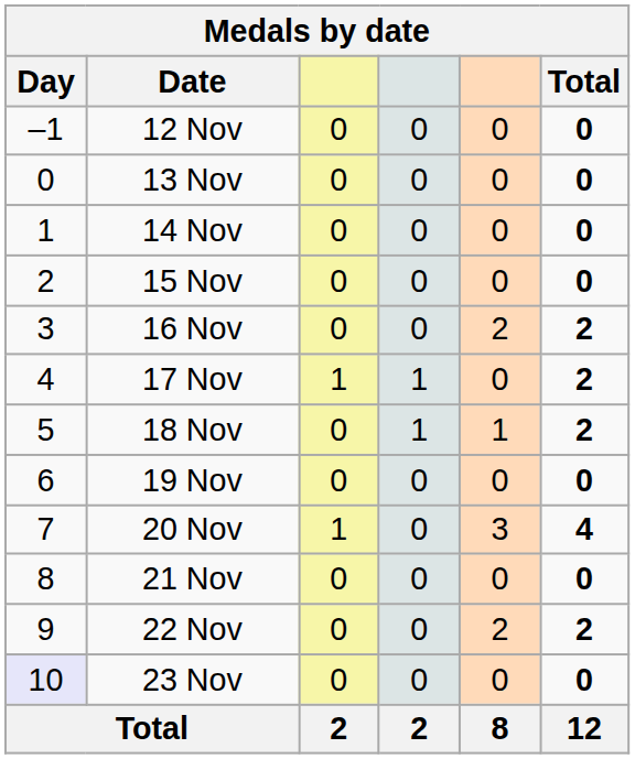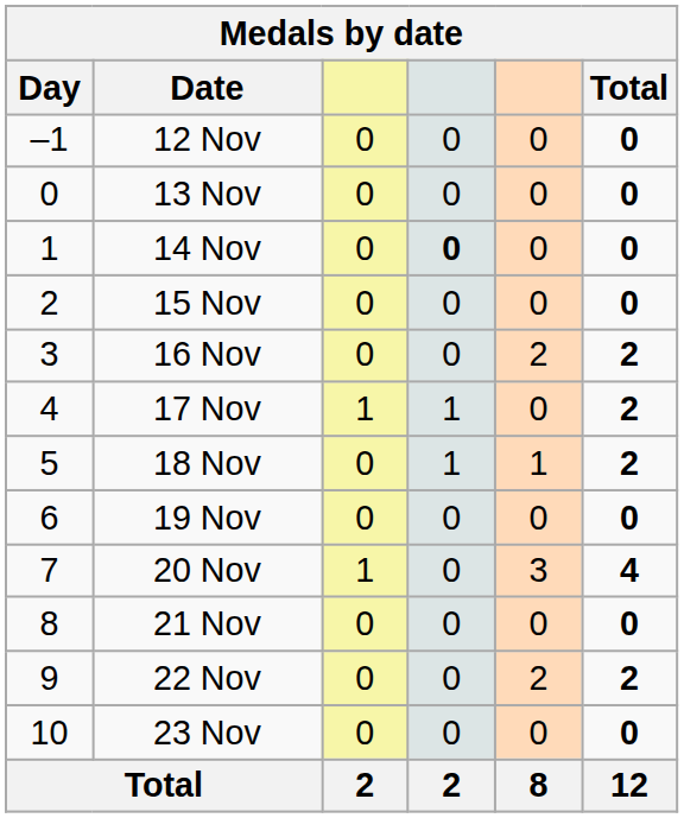 <table class="wikitable" style="font-size:90%; text-align:center;">
 <tr style="background:#efefef;">
 <th colspan=6><strong>Medals by date</strong></th>
 </tr>
 <tr>
 <th width=30><strong>Day</strong></th>
 <th width=90><strong>Date</strong></th>
 <th width=30 style="background:#F7F6A8;"></th>
 <th width=30 style="background:#DCE5E5;"></th>
 <th width=30 style="background:#FFDAB9;"></th>
 <th width=30><strong>Total</strong></th>
 </tr>
 <tr>
 <td>–1</td>
 <td>12 Nov</td>
 <td style="background:#F7F6A8;">0</td>
 <td style="background:#DCE5E5;">0</td>
 <td style="background:#FFDAB9;">0</td>
 <td><strong>0</strong></td>
 </tr>
 <tr>
 <td>0</td>
 <td>13 Nov</td>
 <td style="background:#F7F6A8;">0</td>
 <td style="background:#DCE5E5;">0</td>
 <td style="background:#FFDAB9;">0</td>
 <td><strong>0</strong></td>
 </tr>
 <tr>
 <td>1</td>
 <td>14 Nov</td>
 <td style="background:#F7F6A8;">0</td>
-<td style="background:#DCE5E5;">0</td>
+<td style="background:#DCE5E5;"><strong>0</strong></td>
 <td style="background:#FFDAB9;">0</td>
 <td><strong>0</strong></td>
 </tr>
 <tr>
 <td>2</td>
 <td>15 Nov</td>
 <td style="background:#F7F6A8;">0</td>
 <td style="background:#DCE5E5;">0</td>
 <td style="background:#FFDAB9;">0</td>
 <td><strong>0</strong></td>
 </tr>
 <tr>
 <td>3</td>
 <td>16 Nov</td>
 <td style="background:#F7F6A8;">0</td>
 <td style="background:#DCE5E5;">0</td>
 <td style="background:#FFDAB9;">2</td>
 <td><strong>2</strong></td>
 </tr>
 <tr>
 <td>4</td>
 <td>17 Nov</td>
 <td style="background:#F7F6A8;">1</td>
 <td style="background:#DCE5E5;">1</td>
 <td style="background:#FFDAB9;">0</td>
 <td><strong>2</strong></td>
 </tr>
 <tr>
 <td>5</td>
 <td>18 Nov</td>
 <td style="background:#F7F6A8;">0</td>
 <td style="background:#DCE5E5;">1</td>
 <td style="background:#FFDAB9;">1</td>
 <td><strong>2</strong></td>
 </tr>
 <tr>
 <td>6</td>
 <td>19 Nov</td>
 <td style="background:#F7F6A8;">0</td>
 <td style="background:#DCE5E5;">0</td>
 <td style="background:#FFDAB9;">0</td>
 <td><strong>0</strong></td>
 </tr>
 <tr>
 <td>7</td>
 <td>20 Nov</td>
 <td style="background:#F7F6A8;">1</td>
 <td style="background:#DCE5E5;">0</td>
 <td style="background:#FFDAB9;">3</td>
 <td><strong>4</strong></td>
 </tr>
 <tr>
 <td>8</td>
 <td>21 Nov</td>
 <td style="background:#F7F6A8;">0</td>
 <td style="background:#DCE5E5;">0</td>
 <td style="background:#FFDAB9;">0</td>
 <td><strong>0</strong></td>
 </tr>
 <tr>
 <td>9</td>
 <td>22 Nov</td>
 <td style="background:#F7F6A8;">0</td>
 <td style="background:#DCE5E5;">0</td>
 <td style="background:#FFDAB9;">2</td>
 <td><strong>2</strong></td>
 </tr>
 <tr>
-<td style="background: lavender;">10</td>
+<td>10</td>
 <td>23 Nov</td>
 <td style="background:#F7F6A8;">0</td>
 <td style="background:#DCE5E5;">0</td>
 <td style="background:#FFDAB9;">0</td>
 <td><strong>0</strong></td>
 </tr>
 <tr>
 <th colspan="2"><strong>Total</strong></th>
 <th><strong>2</strong></th>
 <th><strong>2</strong></th>
 <th><strong>8</strong></th>
 <th><strong>12</strong></th>
 </tr>
 </table>
